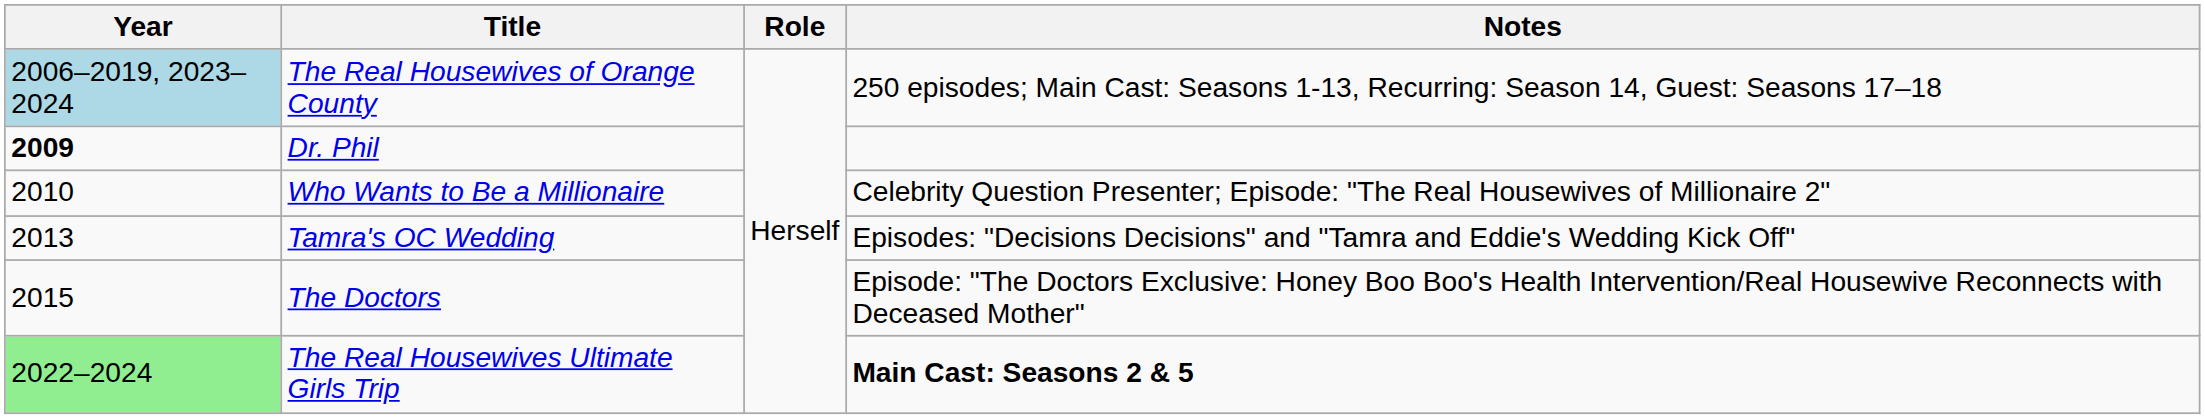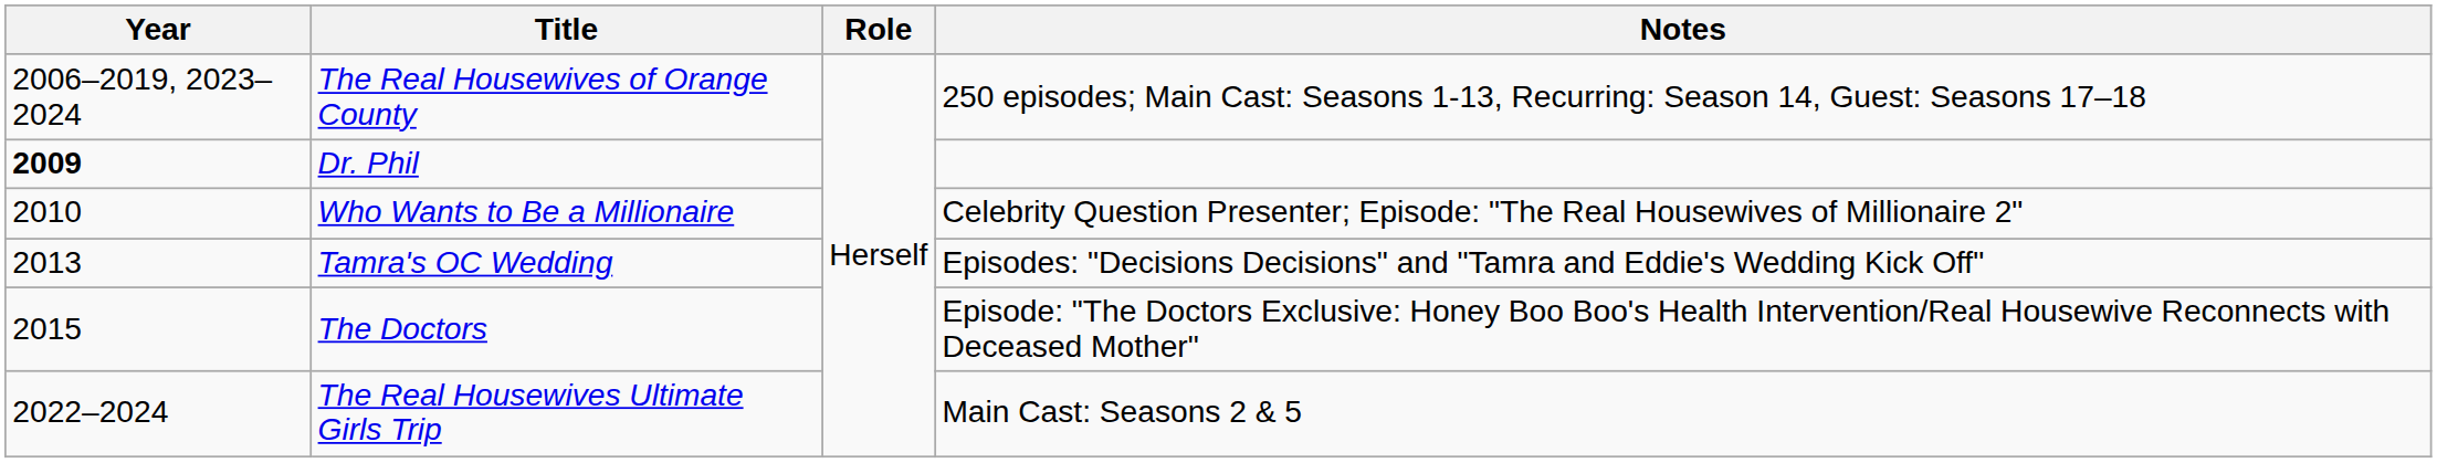 <table class="wikitable">
 <tr>
 <th>Year</th>
 <th>Title</th>
 <th>Role</th>
 <th>Notes</th>
 </tr>
 <tr>
-<td style="background: lightblue;">2006–2019, 2023–2024</td>
+<td>2006–2019, 2023–2024</td>
 <td><em><a href='#'>The Real Housewives of Orange County</a></em></td>
 <td rowspan="6">Herself</td>
 <td>250 episodes; Main Cast: Seasons 1-13, Recurring: Season 14, Guest: Seasons 17–18</td>
 </tr>
 <tr>
 <td><strong>2009</strong></td>
 <td><em><a href='#'>Dr. Phil</a></em></td>
 <td></td>
 </tr>
 <tr>
 <td>2010</td>
 <td><em><a href='#'>Who Wants to Be a Millionaire</a></em></td>
 <td>Celebrity Question Presenter; Episode: "The Real Housewives of Millionaire 2"</td>
 </tr>
 <tr>
 <td>2013</td>
 <td><em><a href='#'>Tamra's OC Wedding</a></em></td>
 <td>Episodes: "Decisions Decisions" and "Tamra and Eddie's Wedding Kick Off"</td>
 </tr>
 <tr>
 <td>2015</td>
 <td><em><a href='#'>The Doctors</a></em></td>
 <td>Episode: "The Doctors Exclusive: Honey Boo Boo's Health Intervention/Real Housewive Reconnects with Deceased Mother"</td>
 </tr>
 <tr>
-<td style="background: lightgreen;">2022–2024</td>
+<td>2022–2024</td>
 <td><em><a href='#'>The Real Housewives Ultimate Girls Trip</a></em></td>
-<td><strong>Main Cast: Seasons 2 & 5</strong></td>
+<td>Main Cast: Seasons 2 & 5</td>
 </tr>
 </table>
